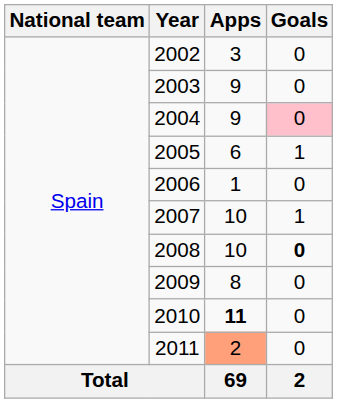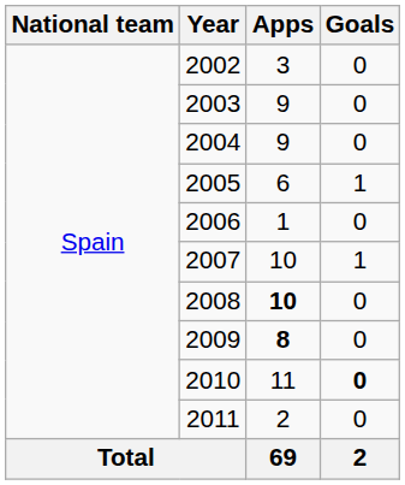 <table class="wikitable" style="text-align:center">
 <tr>
 <th>National team</th>
 <th>Year</th>
 <th>Apps</th>
 <th>Goals</th>
 </tr>
 <tr>
 <td rowspan="10"><a href='#'>Spain</a></td>
 <td>2002</td>
 <td>3</td>
 <td>0</td>
 </tr>
 <tr>
 <td>2003</td>
 <td>9</td>
 <td>0</td>
 </tr>
 <tr>
 <td>2004</td>
 <td>9</td>
-<td style="background: pink;">0</td>
+<td>0</td>
 </tr>
 <tr>
 <td>2005</td>
 <td>6</td>
 <td>1</td>
 </tr>
 <tr>
 <td>2006</td>
 <td>1</td>
 <td>0</td>
 </tr>
 <tr>
 <td>2007</td>
 <td>10</td>
 <td>1</td>
 </tr>
 <tr>
 <td>2008</td>
-<td>10</td>
-<td><strong>0</strong></td>
+<td><strong>10</strong></td>
+<td>0</td>
 </tr>
 <tr>
 <td>2009</td>
-<td>8</td>
+<td><strong>8</strong></td>
 <td>0</td>
 </tr>
 <tr>
 <td>2010</td>
-<td><strong>11</strong></td>
-<td>0</td>
+<td>11</td>
+<td><strong>0</strong></td>
 </tr>
 <tr>
 <td>2011</td>
-<td style="background: lightsalmon;">2</td>
+<td>2</td>
 <td>0</td>
 </tr>
 <tr>
 <th colspan="2">Total</th>
 <th>69</th>
 <th>2</th>
 </tr>
 </table>
